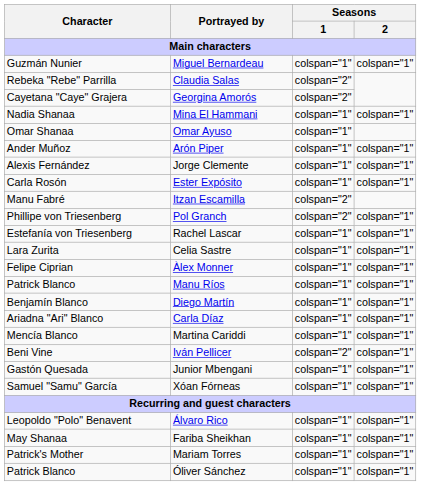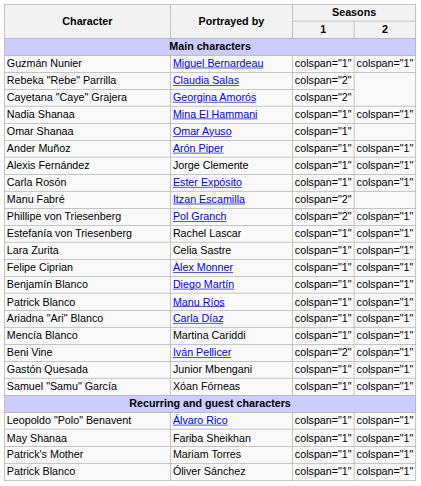 <table class="wikitable">
 <tr>
 <th rowspan="2">Character</th>
 <th rowspan="2">Portrayed by</th>
 <th colspan="2">Seasons</th>
 </tr>
 <tr>
 <th style="width:15%;">1</th>
 <th style="width:15%;">2</th>
 </tr>
 <tr>
 <th scope="row" colspan="4" style="background-color:#ccccff;">Main characters</th>
 </tr>
 <tr>
 <td>Guzmán Nunier</td>
 <td><a href='#'>Miguel Bernardeau</a></td>
 <td>colspan="1" </td>
 <td>colspan="1" </td>
 </tr>
 <tr>
 <td>Rebeka "Rebe" Parrilla</td>
 <td><a href='#'>Claudia Salas</a></td>
 <td>colspan="2" </td>
 </tr>
 <tr>
 <td>Cayetana "Caye" Grajera</td>
 <td><a href='#'>Georgina Amorós</a></td>
 <td>colspan="2" </td>
 </tr>
 <tr>
 <td>Nadia Shanaa</td>
 <td><a href='#'>Mina El Hammani</a></td>
 <td>colspan="1" </td>
 <td>colspan="1" </td>
 </tr>
 <tr>
 <td>Omar Shanaa</td>
 <td><a href='#'>Omar Ayuso</a></td>
 <td>colspan="1" </td>
 </tr>
 <tr>
 <td>Ander Muñoz</td>
 <td><a href='#'>Arón Piper</a></td>
 <td>colspan="1" </td>
 <td>colspan="1" </td>
 </tr>
 <tr>
 <td>Alexis Fernández</td>
 <td>Jorge Clemente</td>
 <td>colspan="1" </td>
 <td>colspan="1" </td>
 </tr>
 <tr>
 <td>Carla Rosón</td>
 <td><a href='#'>Ester Expósito</a></td>
 <td>colspan="1" </td>
 <td>colspan="1" </td>
 </tr>
 <tr>
 <td>Manu Fabré</td>
 <td><a href='#'>Itzan Escamilla</a></td>
 <td>colspan="2" </td>
 </tr>
 <tr>
 <td>Phillipe von Triesenberg</td>
 <td><a href='#'>Pol Granch</a></td>
 <td>colspan="2" </td>
 <td>colspan="1" </td>
 </tr>
 <tr>
 <td>Estefanía von Triesenberg</td>
 <td>Rachel Lascar</td>
 <td>colspan="1" </td>
 <td>colspan="1" </td>
 </tr>
 <tr>
 <td>Lara Zurita</td>
 <td>Celia Sastre</td>
 <td>colspan="1" </td>
 <td>colspan="1" </td>
 </tr>
 <tr>
 <td>Felipe Ciprian</td>
 <td><a href='#'>Àlex Monner</a></td>
 <td>colspan="1" </td>
 <td>colspan="1" </td>
 </tr>
 <tr>
-<td>Patrick Blanco</td>
-<td><a href='#'>Manu Ríos</a></td>
+<td>Benjamín Blanco</td>
+<td><a href='#'>Diego Martín</a></td>
 <td>colspan="1" </td>
 <td>colspan="1" </td>
 </tr>
 <tr>
-<td>Benjamín Blanco</td>
-<td><a href='#'>Diego Martín</a></td>
+<td>Patrick Blanco</td>
+<td><a href='#'>Manu Ríos</a></td>
 <td>colspan="1" </td>
 <td>colspan="1" </td>
 </tr>
 <tr>
 <td>Ariadna "Ari" Blanco</td>
 <td><a href='#'>Carla Díaz</a></td>
 <td>colspan="1" </td>
 <td>colspan="1" </td>
 </tr>
 <tr>
 <td>Mencía Blanco</td>
 <td>Martina Cariddi</td>
 <td>colspan="1" </td>
 <td>colspan="1" </td>
 </tr>
 <tr>
 <td>Beni Vine</td>
 <td><a href='#'>Iván Pellicer</a></td>
 <td>colspan="2" </td>
 <td>colspan="1" </td>
 </tr>
 <tr>
 <td>Gastón Quesada</td>
 <td>Junior Mbengani</td>
 <td>colspan="1" </td>
 <td>colspan="1" </td>
 </tr>
 <tr>
 <td>Samuel "Samu" García</td>
 <td>Xóan Fórneas</td>
 <td>colspan="1" </td>
 <td>colspan="1" </td>
 </tr>
 <tr>
 <th scope="row" colspan="4" style="background-color:#ccccff;">Recurring and guest characters</th>
 </tr>
 <tr>
 <td>Leopoldo "Polo" Benavent</td>
 <td><a href='#'>Álvaro Rico</a></td>
 <td>colspan="1" </td>
 <td>colspan="1" </td>
 </tr>
 <tr>
 <td>May Shanaa</td>
 <td>Fariba Sheikhan</td>
 <td>colspan="1" </td>
 <td>colspan="1" </td>
 </tr>
 <tr>
 <td>Patrick's Mother</td>
 <td>Mariam Torres</td>
 <td>colspan="1" </td>
 <td>colspan="1" </td>
 </tr>
 <tr>
 <td>Patrick Blanco </td>
 <td>Óliver Sánchez</td>
 <td>colspan="1" </td>
 <td>colspan="1" </td>
 </tr>
 </table>
